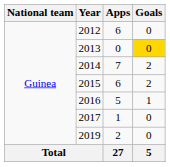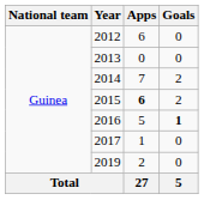 <table class="wikitable" style="text-align:center">
 <tr>
 <th>National team</th>
 <th>Year</th>
 <th>Apps</th>
 <th>Goals</th>
 </tr>
 <tr>
 <td rowspan="7"><a href='#'>Guinea</a></td>
 <td>2012</td>
 <td>6</td>
 <td>0</td>
 </tr>
 <tr>
 <td>2013</td>
 <td>0</td>
-<td style="background: gold;">0</td>
+<td>0</td>
 </tr>
 <tr>
 <td>2014</td>
 <td>7</td>
 <td>2</td>
 </tr>
 <tr>
 <td>2015</td>
-<td>6</td>
+<td><strong>6</strong></td>
 <td>2</td>
 </tr>
 <tr>
 <td>2016</td>
 <td>5</td>
-<td>1</td>
+<td><strong>1</strong></td>
 </tr>
 <tr>
 <td>2017</td>
 <td>1</td>
 <td>0</td>
 </tr>
 <tr>
 <td>2019</td>
 <td>2</td>
 <td>0</td>
 </tr>
 <tr>
 <th colspan="2">Total</th>
 <th>27</th>
 <th>5</th>
 </tr>
 </table>
